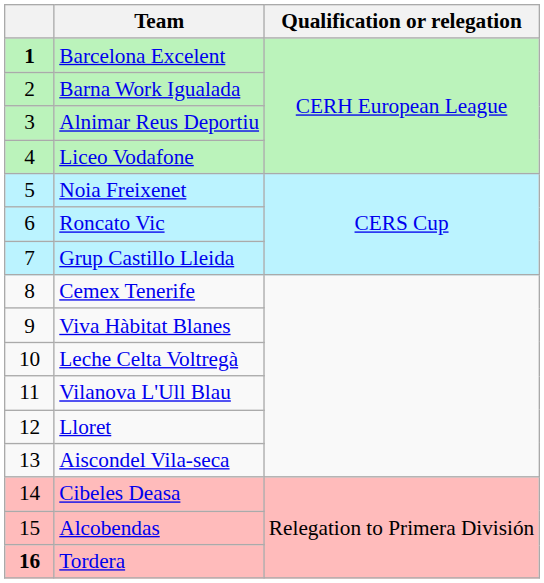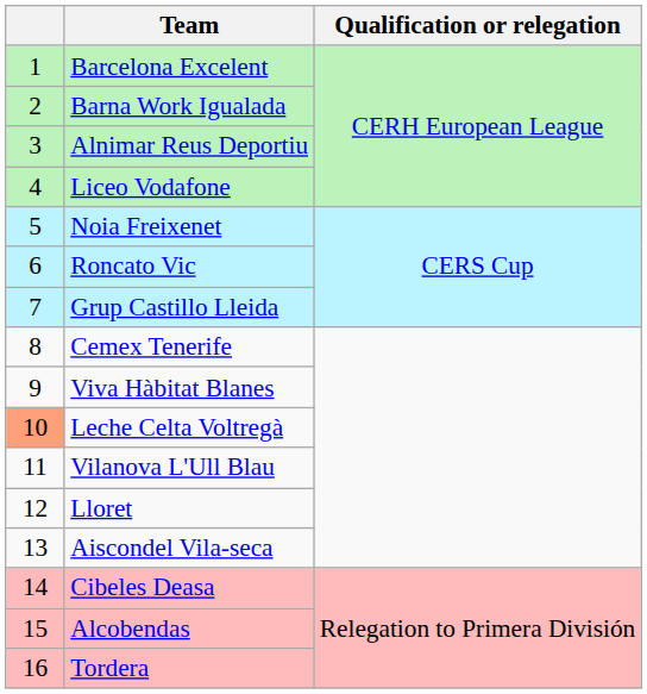 <table class="wikitable" style="text-align:center">
 <tr>
 <th width=30></th>
 <th>Team</th>
 <th>Qualification or relegation</th>
 </tr>
 <tr bgcolor=#BBF3BB>
-<td><strong>1</strong></td>
+<td>1</td>
 <td align=left><a href='#'>Barcelona Excelent</a></td>
 <td rowspan=4><a href='#'>CERH European League</a></td>
 </tr>
 <tr bgcolor=#BBF3BB>
 <td>2</td>
 <td align=left><a href='#'>Barna Work Igualada</a></td>
 </tr>
 <tr bgcolor=#BBF3BB>
 <td>3</td>
 <td align=left><a href='#'>Alnimar Reus Deportiu</a></td>
 </tr>
 <tr bgcolor=#BBF3BB>
 <td>4</td>
 <td align=left><a href='#'>Liceo Vodafone</a></td>
 </tr>
 <tr bgcolor=#BBF3FF>
 <td>5</td>
 <td align=left><a href='#'>Noia Freixenet</a></td>
 <td rowspan=3><a href='#'>CERS Cup</a></td>
 </tr>
 <tr bgcolor=#BBF3FF>
 <td>6</td>
 <td align=left><a href='#'>Roncato Vic</a></td>
 </tr>
 <tr bgcolor=#BBF3FF>
 <td>7</td>
 <td align=left><a href='#'>Grup Castillo Lleida</a></td>
 </tr>
 <tr>
 <td>8</td>
 <td align=left><a href='#'>Cemex Tenerife</a></td>
 <td rowspan=6></td>
 </tr>
 <tr>
 <td>9</td>
 <td align=left><a href='#'>Viva Hàbitat Blanes</a></td>
 </tr>
 <tr>
-<td>10</td>
+<td style="background: lightsalmon;">10</td>
 <td align=left><a href='#'>Leche Celta Voltregà</a></td>
 </tr>
 <tr>
 <td>11</td>
 <td align=left><a href='#'>Vilanova L'Ull Blau</a></td>
 </tr>
 <tr>
 <td>12</td>
 <td align=left><a href='#'>Lloret</a></td>
 </tr>
 <tr>
 <td>13</td>
 <td align=left><a href='#'>Aiscondel Vila-seca</a></td>
 </tr>
 <tr bgcolor=#FFBBBB>
 <td>14</td>
 <td align=left><a href='#'>Cibeles Deasa</a></td>
 <td rowspan=3>Relegation to Primera División</td>
 </tr>
 <tr bgcolor=#FFBBBB>
 <td>15</td>
 <td align=left><a href='#'>Alcobendas</a></td>
 </tr>
 <tr bgcolor=#FFBBBB>
-<td><strong>16</strong></td>
+<td>16</td>
 <td align=left><a href='#'>Tordera</a></td>
 </tr>
 </table>
